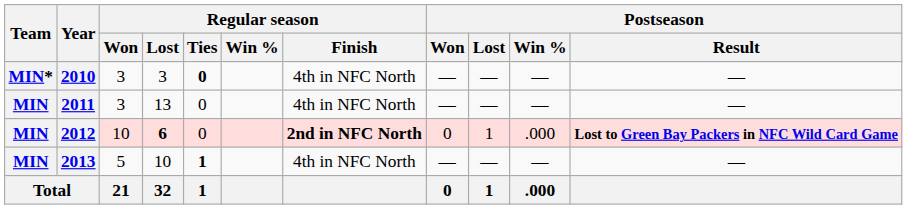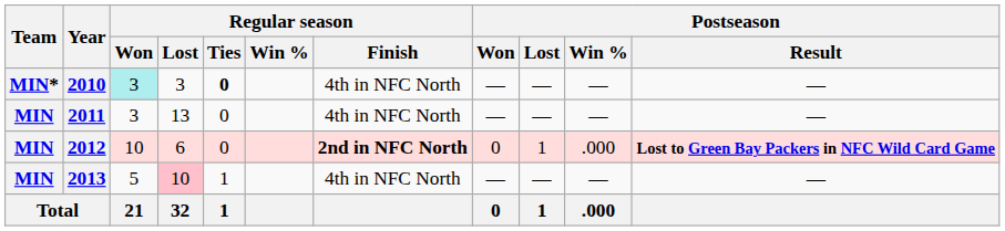 <table class="wikitable" style="font-size:95%; text-align:center;">
 <tr>
 <th rowspan="2">Team</th>
 <th rowspan="2">Year</th>
 <th colspan="5">Regular season</th>
 <th colspan="4">Postseason</th>
 </tr>
 <tr>
 <th>Won</th>
 <th>Lost</th>
 <th>Ties</th>
 <th>Win %</th>
 <th>Finish</th>
 <th>Won</th>
 <th>Lost</th>
 <th>Win %</th>
 <th>Result</th>
 </tr>
 <tr>
 <th><a href='#'>MIN</a>*</th>
 <th><a href='#'>2010</a></th>
-<td>3</td>
+<td style="background: paleturquoise;">3</td>
 <td>3</td>
 <td><strong>0</strong></td>
 <td></td>
 <td>4th in NFC North</td>
 <td>—</td>
 <td>—</td>
 <td>—</td>
 <td>—</td>
 </tr>
 <tr>
 <th><a href='#'>MIN</a></th>
 <th><a href='#'>2011</a></th>
 <td>3</td>
 <td>13</td>
 <td>0</td>
 <td></td>
 <td>4th in NFC North</td>
 <td>—</td>
 <td>—</td>
 <td>—</td>
 <td>—</td>
 </tr>
 <tr style="background:#fdd;">
 <th><a href='#'>MIN</a></th>
 <th><a href='#'>2012</a></th>
 <td>10</td>
-<td><strong>6</strong></td>
+<td>6</td>
 <td>0</td>
 <td></td>
 <td><strong>2nd in NFC North</strong></td>
 <td>0</td>
 <td>1</td>
 <td>.000</td>
 <td><small><strong>Lost to <a href='#'>Green Bay Packers</a> in <a href='#'>NFC Wild Card Game</a></strong></small></td>
 </tr>
 <tr>
 <th><a href='#'>MIN</a></th>
 <th><a href='#'>2013</a></th>
 <td>5</td>
-<td>10</td>
-<td><strong>1</strong></td>
+<td style="background: pink;">10</td>
+<td>1</td>
 <td></td>
 <td>4th in NFC North</td>
 <td>—</td>
 <td>—</td>
 <td>—</td>
 <td>—</td>
 </tr>
 <tr>
 <th colspan="2">Total</th>
 <th>21</th>
 <th>32</th>
 <th>1</th>
 <th></th>
 <th></th>
 <th>0</th>
 <th>1</th>
 <th>.000</th>
 <th></th>
 </tr>
 </table>
